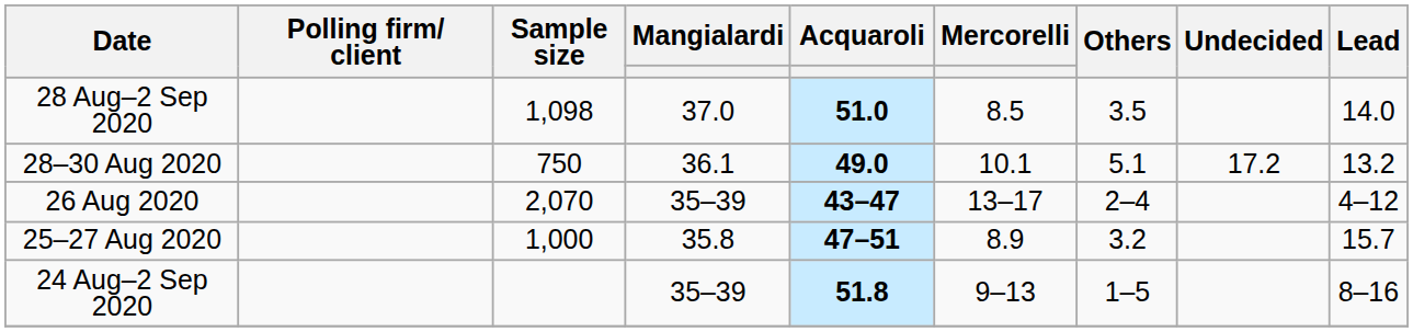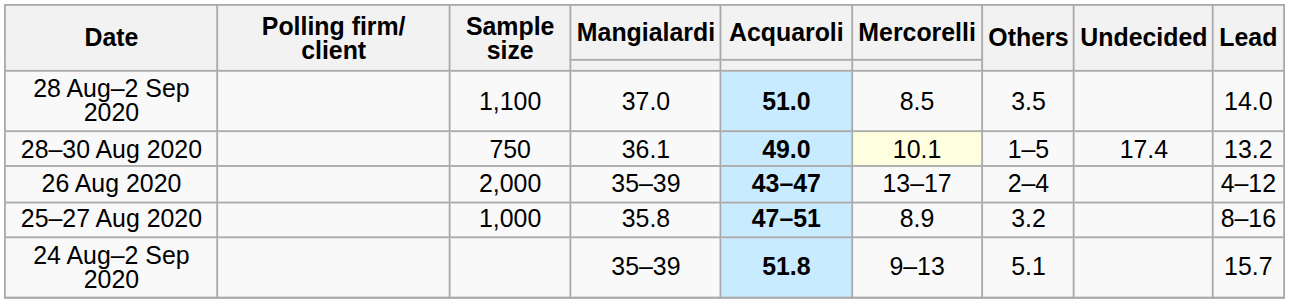 <table class="wikitable collapsible collapsed" style="text-align:center;font-size:85%;line-height:13px">
 <tr style="height:30px; background-color:#E9E9E9">
 <th style="width:110px;" rowspan="2">Date</th>
 <th style="width:120px;" rowspan="2">Polling firm/<br>client</th>
 <th style="width:60px;" rowspan="2">Sample size</th>
 <th style="width:65px;">Mangialardi</th>
 <th style="width:65px;">Acquaroli</th>
 <th style="width:65px;">Mercorelli</th>
 <th style="width:35px;" rowspan="2">Others</th>
 <th style="width:35px;" rowspan="2">Undecided</th>
 <th style="width:25px;" rowspan="2">Lead</th>
 </tr>
 <tr>
 <th style="background:"></th>
 <th style="background:"></th>
 <th style="background:"></th>
 </tr>
 <tr>
 <td>28 Aug–2 Sep 2020</td>
 <td></td>
-<td>1,098</td>
+<td>1,100</td>
 <td>37.0</td>
 <td style="background:#C8EBFF"><strong>51.0</strong></td>
 <td>8.5</td>
 <td>3.5</td>
 <td></td>
 <td style="background:">14.0</td>
 </tr>
 <tr>
 <td>28–30 Aug 2020</td>
 <td></td>
 <td>750</td>
 <td>36.1</td>
 <td style="background:#C8EBFF"><strong>49.0</strong></td>
-<td>10.1</td>
-<td>5.1</td>
-<td>17.2</td>
+<td style="background: lightyellow;">10.1</td>
+<td>1–5</td>
+<td>17.4</td>
 <td style="background:">13.2</td>
 </tr>
 <tr>
 <td>26 Aug 2020</td>
 <td></td>
-<td>2,070</td>
+<td>2,000</td>
 <td>35–39</td>
 <td style="background:#C8EBFF"><strong>43–47</strong></td>
 <td>13–17</td>
 <td>2–4</td>
 <td></td>
 <td style="background:">4–12</td>
 </tr>
 <tr>
 <td>25–27 Aug 2020</td>
 <td></td>
 <td>1,000</td>
 <td>35.8</td>
 <td style="background:#C8EBFF"><strong>47–51</strong></td>
 <td>8.9</td>
 <td>3.2</td>
 <td></td>
-<td style="background:">15.7</td>
+<td style="background:">8–16</td>
 </tr>
 <tr>
 <td>24 Aug–2 Sep 2020</td>
 <td></td>
 <td></td>
 <td>35–39</td>
 <td style="background:#C8EBFF"><strong>51.8</strong></td>
 <td>9–13</td>
-<td>1–5</td>
+<td>5.1</td>
 <td></td>
-<td style="background:">8–16</td>
+<td style="background:">15.7</td>
 </tr>
 <tr>
 </tr>
 </table>
